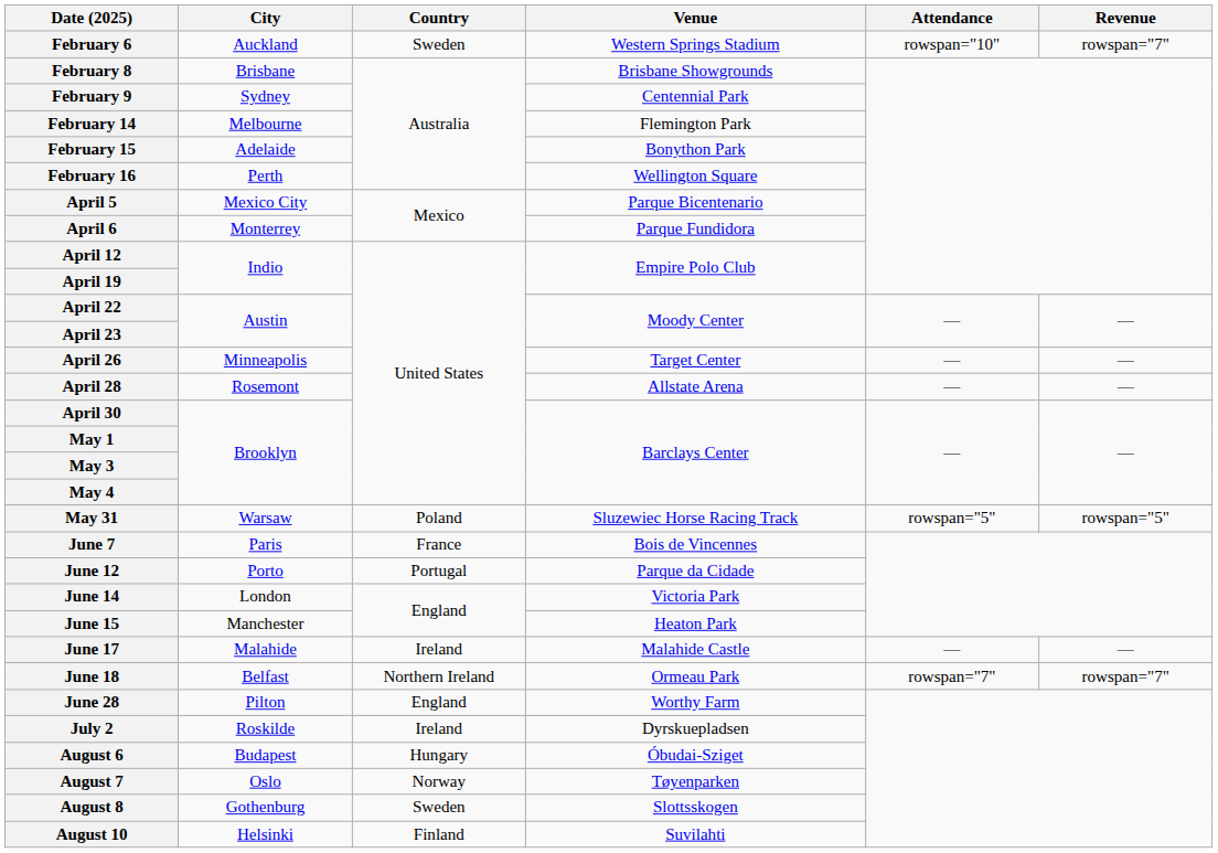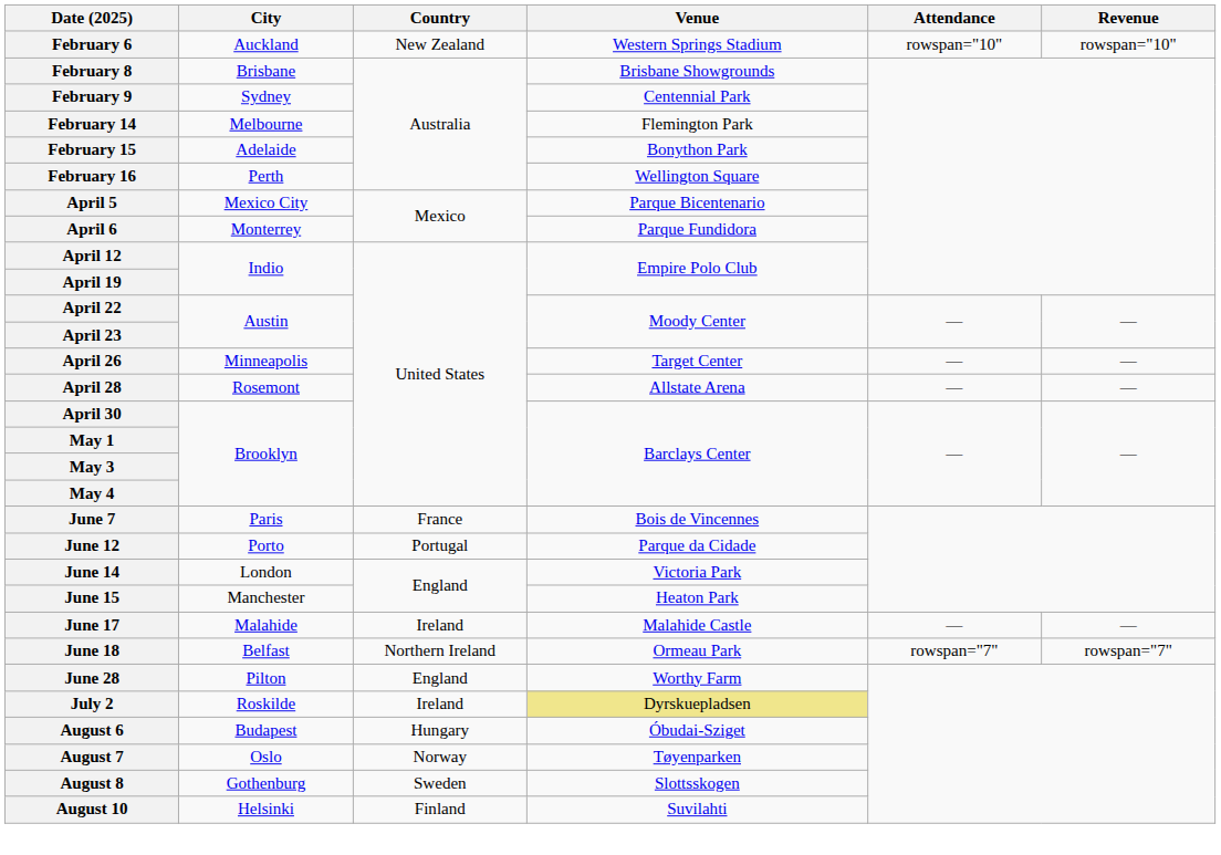 <table class="wikitable plainrowheaders" style="text-align:center;">
 <tr>
 <th scope="col" style="width:10em;">Date (2025)</th>
 <th scope="col" style="width:10em;">City</th>
 <th scope="col" style="width:10em;">Country</th>
 <th scope="col" style="width:20em;">Venue</th>
 <th scope="col" style="width:10em;">Attendance</th>
 <th scope="col" style="width:10em;">Revenue</th>
 </tr>
 <tr>
 <th scope="row" style="text-align:center;">February 6</th>
 <td><a href='#'>Auckland</a></td>
-<td>Sweden</td>
+<td>New Zealand</td>
 <td><a href='#'>Western Springs Stadium</a></td>
 <td>rowspan="10" </td>
-<td>rowspan="7" </td>
+<td>rowspan="10" </td>
 </tr>
 <tr>
 <th scope="row" style="text-align:center;">February 8</th>
 <td><a href='#'>Brisbane</a></td>
 <td rowspan="5">Australia</td>
 <td><a href='#'>Brisbane Showgrounds</a></td>
 </tr>
 <tr>
 <th scope="row" style="text-align:center;">February 9</th>
 <td><a href='#'>Sydney</a></td>
 <td><a href='#'>Centennial Park</a></td>
 </tr>
 <tr>
 <th scope="row" style="text-align:center;">February 14</th>
 <td><a href='#'>Melbourne</a></td>
 <td>Flemington Park</td>
 </tr>
 <tr>
 <th scope="row" style="text-align:center;">February 15</th>
 <td><a href='#'>Adelaide</a></td>
 <td><a href='#'>Bonython Park</a></td>
 </tr>
 <tr>
 <th scope="row" style="text-align:center;">February 16</th>
 <td><a href='#'>Perth</a></td>
 <td><a href='#'>Wellington Square</a></td>
 </tr>
 <tr>
 <th scope="row" style="text-align:center;">April 5</th>
 <td><a href='#'>Mexico City</a></td>
 <td rowspan="2">Mexico</td>
 <td><a href='#'>Parque Bicentenario</a></td>
 </tr>
 <tr>
 <th scope="row" style="text-align:center;">April 6</th>
 <td><a href='#'>Monterrey</a></td>
 <td><a href='#'>Parque Fundidora</a></td>
 </tr>
 <tr>
 <th scope="row" style="text-align:center;">April 12</th>
 <td rowspan="2"><a href='#'>Indio</a></td>
 <td rowspan="10">United States</td>
 <td rowspan="2"><a href='#'>Empire Polo Club</a></td>
 </tr>
 <tr>
 <th scope="row" style="text-align:center;">April 19</th>
 </tr>
 <tr>
 <th scope="row" style="text-align:center;">April 22</th>
 <td rowspan="2"><a href='#'>Austin</a></td>
 <td rowspan="2"><a href='#'>Moody Center</a></td>
 <td rowspan="2">—</td>
 <td rowspan="2">—</td>
 </tr>
 <tr>
 <th scope="row" style="text-align:center;">April 23</th>
 </tr>
 <tr>
 <th scope="row" style="text-align:center;">April 26</th>
 <td><a href='#'>Minneapolis</a></td>
 <td><a href='#'>Target Center</a></td>
 <td>—</td>
 <td>—</td>
 </tr>
 <tr>
 <th scope="row" style="text-align:center;">April 28</th>
 <td><a href='#'>Rosemont</a></td>
 <td><a href='#'>Allstate Arena</a></td>
 <td>—</td>
 <td>—</td>
 </tr>
 <tr>
 <th scope="row" style="text-align:center;">April 30</th>
 <td rowspan="4"><a href='#'>Brooklyn</a></td>
 <td rowspan="4"><a href='#'>Barclays Center</a></td>
 <td rowspan="4">—</td>
 <td rowspan="4">—</td>
 </tr>
 <tr>
 <th scope="row" style="text-align:center;">May 1</th>
 </tr>
 <tr>
 <th scope="row" style="text-align:center;">May 3</th>
 </tr>
 <tr>
 <th scope="row" style="text-align:center;">May 4</th>
 </tr>
 <tr>
-<th scope="row" style="text-align:center;">May 31</th>
-<td><a href='#'>Warsaw</a></td>
-<td>Poland</td>
-<td><a href='#'>Sluzewiec Horse Racing Track</a></td>
-<td>rowspan="5" </td>
-<td>rowspan="5" </td>
-</tr>
-<tr>
 <th scope="row" style="text-align:center;">June 7</th>
 <td><a href='#'>Paris</a></td>
 <td>France</td>
 <td><a href='#'>Bois de Vincennes</a></td>
 </tr>
 <tr>
 <th scope="row" style="text-align:center;">June 12</th>
 <td><a href='#'>Porto</a></td>
 <td>Portugal</td>
 <td><a href='#'>Parque da Cidade</a></td>
 </tr>
 <tr>
 <th scope="row" style="text-align:center;">June 14</th>
 <td>London</td>
 <td rowspan="2">England</td>
 <td><a href='#'>Victoria Park</a></td>
 </tr>
 <tr>
 <th scope="row" style="text-align:center;">June 15</th>
 <td>Manchester</td>
 <td><a href='#'>Heaton Park</a></td>
 </tr>
 <tr>
 <th scope="row" style="text-align:center;">June 17</th>
 <td><a href='#'>Malahide</a></td>
 <td>Ireland</td>
 <td><a href='#'>Malahide Castle</a></td>
 <td>—</td>
 <td>—</td>
 </tr>
 <tr>
 <th scope="row" style="text-align:center;">June 18</th>
 <td><a href='#'>Belfast</a></td>
 <td>Northern Ireland</td>
 <td><a href='#'>Ormeau Park</a></td>
 <td>rowspan="7" </td>
 <td>rowspan="7" </td>
 </tr>
 <tr>
 <th scope="row" style="text-align:center;">June 28</th>
 <td><a href='#'>Pilton</a></td>
 <td>England</td>
 <td><a href='#'> Worthy Farm</a></td>
 </tr>
 <tr>
 <th scope="row" style="text-align:center;">July 2</th>
 <td><a href='#'>Roskilde</a></td>
 <td>Ireland</td>
-<td>Dyrskuepladsen</td>
+<td style="background: khaki;">Dyrskuepladsen</td>
 </tr>
 <tr>
 <th scope="row" style="text-align:center;">August 6</th>
 <td><a href='#'>Budapest</a></td>
 <td>Hungary</td>
 <td><a href='#'>Óbudai-Sziget</a></td>
 </tr>
 <tr>
 <th scope="row" style="text-align:center;">August 7</th>
 <td><a href='#'>Oslo</a></td>
 <td>Norway</td>
 <td><a href='#'>Tøyenparken</a></td>
 </tr>
 <tr>
 <th scope="row" style="text-align:center;">August 8</th>
 <td><a href='#'>Gothenburg</a></td>
 <td>Sweden</td>
 <td><a href='#'>Slottsskogen</a></td>
 </tr>
 <tr>
 <th scope="row" style="text-align:center;">August 10</th>
 <td><a href='#'>Helsinki</a></td>
 <td>Finland</td>
 <td><a href='#'>Suvilahti</a></td>
 </tr>
 </table>
